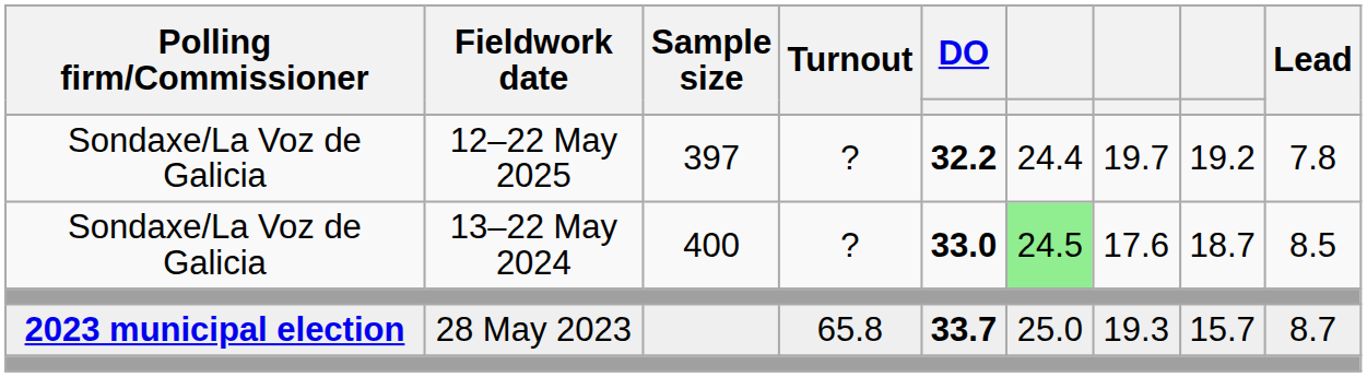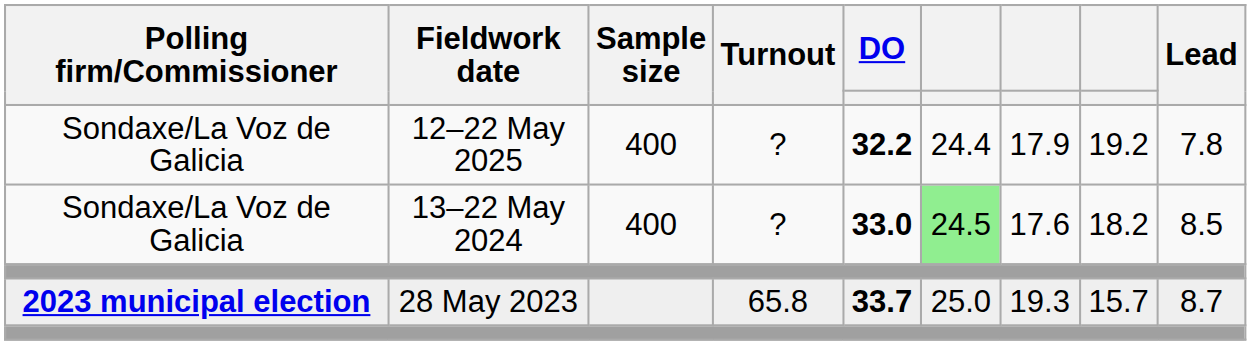 <table class="wikitable collapsible collapsed" style="text-align:center; font-size:95%; line-height:16px;">
 <tr style="height:42px;">
 <th style="width:250px;" rowspan="2">Polling firm/Commissioner</th>
 <th style="width:125px;" rowspan="2">Fieldwork date</th>
 <th style="width:50px;" rowspan="2">Sample size</th>
 <th style="width:45px;" rowspan="2">Turnout</th>
 <th style="width:35px;"><a href='#'>DO</a></th>
 <th style="width:35px;"></th>
 <th style="width:35px;"></th>
 <th style="width:35px;"></th>
 <th style="width:30px;" rowspan="2">Lead</th>
 </tr>
 <tr>
 <th style="color:inherit;background:"></th>
 <th style="color:inherit;background:"></th>
 <th style="color:inherit;background:"></th>
 <th style="color:inherit;background:"></th>
 </tr>
 <tr>
 <td>Sondaxe/La Voz de Galicia</td>
 <td>12–22 May 2025</td>
-<td>397</td>
+<td>400</td>
 <td>?</td>
 <td><strong>32.2</strong><br></td>
 <td>24.4<br></td>
-<td>19.7<br></td>
+<td>17.9<br></td>
 <td>19.2<br></td>
 <td style="background:">7.8</td>
 </tr>
 <tr>
 <td>Sondaxe/La Voz de Galicia</td>
 <td>13–22 May 2024</td>
 <td>400</td>
 <td>?</td>
 <td><strong>33.0</strong><br></td>
 <td style="background: lightgreen;">24.5<br></td>
 <td>17.6<br></td>
-<td>18.7<br></td>
+<td>18.2<br></td>
 <td style="background:">8.5</td>
 </tr>
 <tr>
 <td colspan="9" style="background:#A0A0A0"></td>
 </tr>
 <tr style="background:#EFEFEF;">
 <td><strong><a href='#'>2023 municipal election</a></strong></td>
 <td>28 May 2023</td>
 <td></td>
 <td>65.8</td>
 <td><strong>33.7</strong><br></td>
 <td>25.0<br></td>
 <td>19.3<br></td>
 <td>15.7<br></td>
 <td style="background:">8.7</td>
 </tr>
 <tr>
 <td colspan="9" style="background:#A0A0A0"></td>
 </tr>
 </table>
